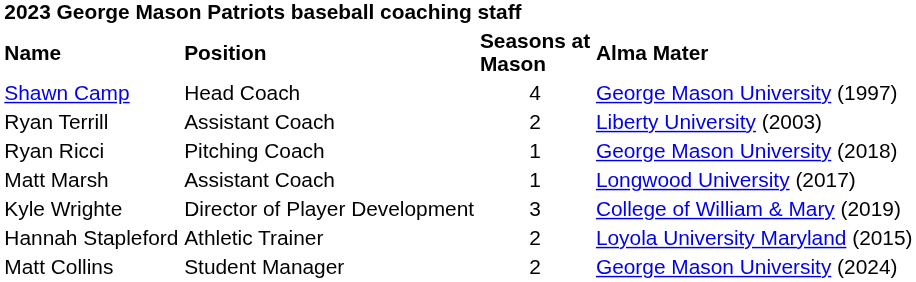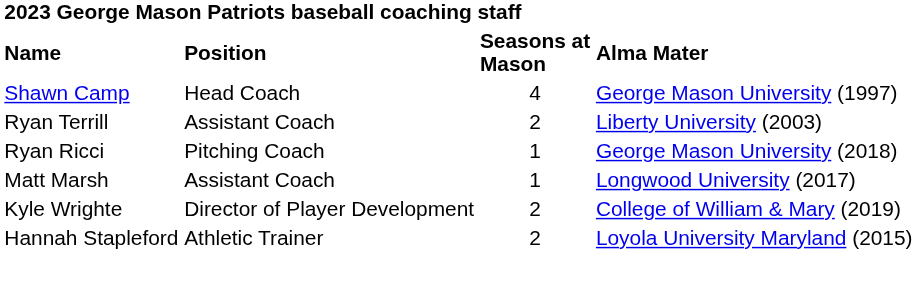 <table class="toccolours" style="text-align: left; font-size:90%;">
 <tr>
 <th colspan="4">2023 George Mason Patriots baseball coaching staff</th>
 </tr>
 <tr>
 <th>Name</th>
 <th>Position</th>
 <th>Seasons at<br>Mason</th>
 <th>Alma Mater</th>
 </tr>
 <tr>
 <td><a href='#'>Shawn Camp</a></td>
 <td>Head Coach</td>
 <td align=center>4</td>
 <td><a href='#'>George Mason University</a> (1997)</td>
 </tr>
 <tr>
 <td>Ryan Terrill</td>
 <td>Assistant Coach</td>
 <td align=center>2</td>
 <td><a href='#'>Liberty University</a> (2003)</td>
 </tr>
 <tr>
 <td>Ryan Ricci</td>
 <td>Pitching Coach</td>
 <td align=center>1</td>
 <td><a href='#'>George Mason University</a> (2018)</td>
 </tr>
 <tr>
 <td>Matt Marsh</td>
 <td>Assistant Coach</td>
 <td align=center>1</td>
 <td><a href='#'>Longwood University</a> (2017)</td>
 </tr>
 <tr>
 <td>Kyle Wrighte</td>
 <td>Director of Player Development</td>
-<td align=center>3</td>
+<td align=center>2</td>
 <td><a href='#'>College of William & Mary</a> (2019)</td>
 </tr>
 <tr>
 <td>Hannah Stapleford</td>
 <td>Athletic Trainer</td>
 <td align=center>2</td>
 <td><a href='#'>Loyola University Maryland</a> (2015)</td>
 </tr>
 <tr>
-<td>Matt Collins</td>
-<td>Student Manager</td>
-<td align=center>2</td>
-<td><a href='#'>George Mason University</a> (2024)</td>
-</tr>
-<tr>
 </tr>
 </table>
